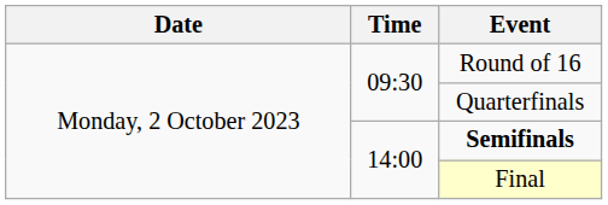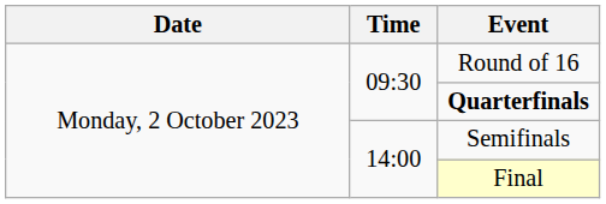 <table class = "wikitable" style="text-align:center;">
 <tr>
 <th width=220>Date</th>
 <th width=50>Time</th>
 <th width=100>Event</th>
 </tr>
 <tr>
 <td rowspan=4>Monday, 2 October 2023</td>
 <td rowspan=2>09:30</td>
 <td>Round of 16</td>
 </tr>
 <tr>
-<td>Quarterfinals</td>
+<td><strong>Quarterfinals</strong></td>
 </tr>
 <tr>
 <td rowspan=2>14:00</td>
-<td><strong>Semifinals</strong></td>
+<td>Semifinals</td>
 </tr>
 <tr>
 <td bgcolor=ffffcc>Final</td>
 </tr>
 </table>
